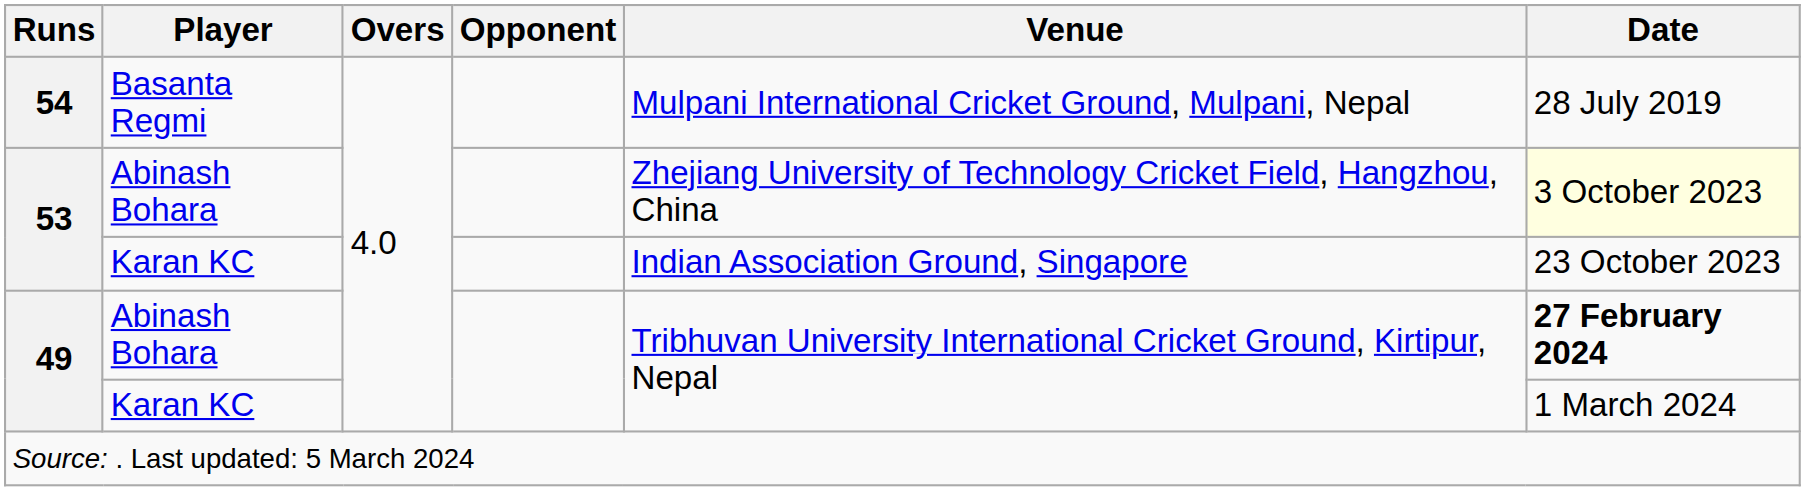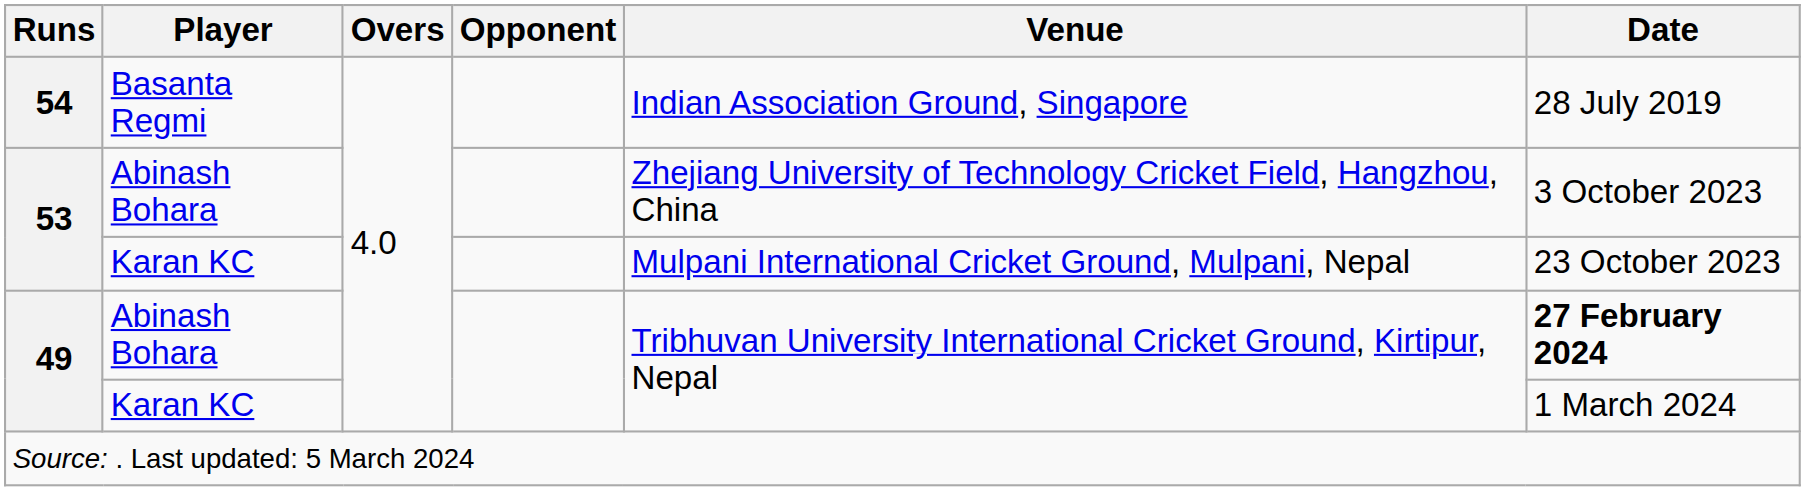 <table class="wikitable">
 <tr>
 <th>Runs</th>
 <th>Player</th>
 <th>Overs</th>
 <th>Opponent</th>
 <th>Venue</th>
 <th>Date</th>
 </tr>
 <tr>
 <th>54</th>
 <td><a href='#'>Basanta Regmi</a></td>
 <td rowspan=5>4.0</td>
 <td></td>
-<td><a href='#'>Mulpani International Cricket Ground</a>, <a href='#'>Mulpani</a>, Nepal</td>
+<td><a href='#'>Indian Association Ground</a>, <a href='#'>Singapore</a></td>
 <td>28 July 2019</td>
 </tr>
 <tr>
 <th rowspan=2>53</th>
 <td><a href='#'>Abinash Bohara</a></td>
 <td></td>
 <td><a href='#'>Zhejiang University of Technology Cricket Field</a>, <a href='#'>Hangzhou</a>, China</td>
-<td style="background: lightyellow;">3 October 2023</td>
+<td>3 October 2023</td>
 </tr>
 <tr>
 <td><a href='#'>Karan KC</a></td>
 <td></td>
-<td><a href='#'>Indian Association Ground</a>, <a href='#'>Singapore</a></td>
+<td><a href='#'>Mulpani International Cricket Ground</a>, <a href='#'>Mulpani</a>, Nepal</td>
 <td>23 October 2023</td>
 </tr>
 <tr>
 <th rowspan=2>49</th>
 <td><a href='#'>Abinash Bohara</a></td>
 <td rowspan=2></td>
 <td rowspan=2><a href='#'>Tribhuvan University International Cricket Ground</a>, <a href='#'>Kirtipur</a>, Nepal</td>
 <td><strong>27 February 2024</strong></td>
 </tr>
 <tr>
 <td><a href='#'>Karan KC</a></td>
 <td>1 March 2024</td>
 </tr>
 <tr>
 <td colspan="6" style="text-align:left;"><small><em>Source: </em>. Last updated: 5 March 2024</small></td>
 </tr>
 </table>
